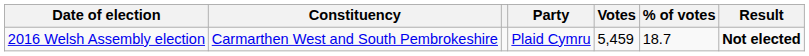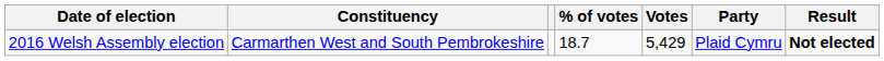 <table class="wikitable">
 <tr>
 <th>Date of election</th>
 <th>Constituency</th>
 <th></th>
+<th>% of votes</th>
+<th>Votes</th>
 <th>Party</th>
-<th>Votes</th>
-<th>% of votes</th>
 <th>Result</th>
 </tr>
 <tr>
 <td><a href='#'>2016 Welsh Assembly election</a></td>
 <td><a href='#'>Carmarthen West and South Pembrokeshire</a></td>
 <td style="background:"></td>
+<td>18.7</td>
+<td>5,429</td>
 <td><a href='#'>Plaid Cymru</a></td>
-<td>5,459</td>
-<td>18.7</td>
 <td><strong>Not elected</strong></td>
 </tr>
 </table>
